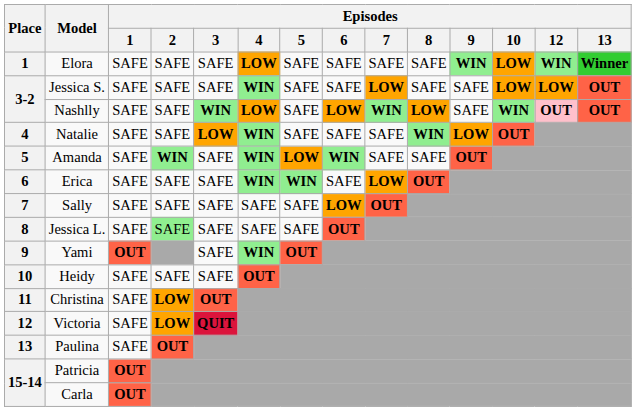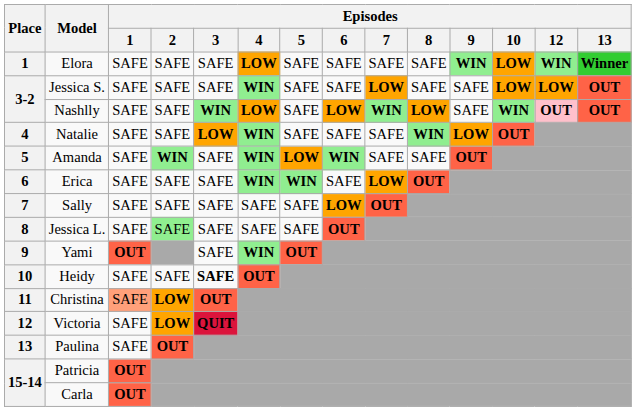 <table class="wikitable" style="text-align:center; font-size:92%">
 <tr>
 <th rowspan="2">Place</th>
 <th rowspan="2">Model</th>
 <th colspan="12">Episodes</th>
 </tr>
 <tr>
 <th>1</th>
 <th>2</th>
 <th>3</th>
 <th>4</th>
 <th>5</th>
 <th>6</th>
 <th>7</th>
 <th>8</th>
 <th>9</th>
 <th>10</th>
 <th>12</th>
 <th>13</th>
 </tr>
 <tr>
 <th>1</th>
 <td>Elora</td>
 <td>SAFE</td>
 <td>SAFE</td>
 <td>SAFE</td>
 <td style="background:orange;"><strong>LOW</strong></td>
 <td>SAFE</td>
 <td>SAFE</td>
 <td>SAFE</td>
 <td>SAFE</td>
 <td style="background:lightgreen;"><strong>WIN</strong></td>
 <td style="background:orange;"><strong>LOW</strong></td>
 <td style="background:lightgreen;"><strong>WIN</strong></td>
 <td style="background:limegreen;"><strong>Winner</strong></td>
 </tr>
 <tr>
 <th rowspan="2">3-2</th>
 <td>Jessica S.</td>
 <td>SAFE</td>
 <td>SAFE</td>
 <td>SAFE</td>
 <td style="background:lightgreen;"><strong>WIN</strong></td>
 <td>SAFE</td>
 <td>SAFE</td>
 <td style="background:orange;"><strong>LOW</strong></td>
 <td>SAFE</td>
 <td>SAFE</td>
 <td style="background:orange;"><strong>LOW</strong></td>
 <td style="background:orange;"><strong>LOW</strong></td>
 <td style="background:tomato;"><strong>OUT</strong></td>
 </tr>
 <tr>
 <td>Nashlly</td>
 <td>SAFE</td>
 <td>SAFE</td>
 <td style="background:lightgreen;"><strong>WIN</strong></td>
 <td style="background:orange;"><strong>LOW</strong></td>
 <td>SAFE</td>
 <td style="background:orange;"><strong>LOW</strong></td>
 <td style="background:lightgreen;"><strong>WIN</strong></td>
 <td style="background:orange;"><strong>LOW</strong></td>
 <td>SAFE</td>
 <td style="background:lightgreen;"><strong>WIN</strong></td>
 <td style="background:pink"><strong>OUT</strong></td>
 <td style="background:tomato;"><strong>OUT</strong></td>
 </tr>
 <tr>
 <th>4</th>
 <td>Natalie</td>
 <td>SAFE</td>
 <td>SAFE</td>
 <td style="background:orange;"><strong>LOW</strong></td>
 <td style="background:lightgreen;"><strong>WIN</strong></td>
 <td>SAFE</td>
 <td>SAFE</td>
 <td>SAFE</td>
 <td style="background:lightgreen;"><strong>WIN</strong></td>
 <td style="background:orange;"><strong>LOW</strong></td>
 <td style="background:tomato;"><strong>OUT</strong></td>
 <td style="background:darkgrey;" colspan="12"></td>
 </tr>
 <tr>
 <th>5</th>
 <td>Amanda</td>
 <td>SAFE</td>
 <td style="background:lightgreen;"><strong>WIN</strong></td>
 <td>SAFE</td>
 <td style="background:lightgreen;"><strong>WIN</strong></td>
 <td style="background:orange;"><strong>LOW</strong></td>
 <td style="background:lightgreen;"><strong>WIN</strong></td>
 <td>SAFE</td>
 <td>SAFE</td>
 <td style="background:tomato;"><strong>OUT</strong></td>
 <td style="background:darkgrey;" colspan="12"></td>
 </tr>
 <tr>
 <th>6</th>
 <td>Erica</td>
 <td>SAFE</td>
 <td>SAFE</td>
 <td>SAFE</td>
 <td style="background:lightgreen;"><strong>WIN</strong></td>
 <td style="background:lightgreen;"><strong>WIN</strong></td>
 <td>SAFE</td>
 <td style="background:orange;"><strong>LOW</strong></td>
 <td style="background:tomato;"><strong>OUT</strong></td>
 <td style="background:darkgrey;" colspan="12"></td>
 </tr>
 <tr>
 <th>7</th>
 <td>Sally</td>
 <td>SAFE</td>
 <td>SAFE</td>
 <td>SAFE</td>
 <td>SAFE</td>
 <td>SAFE</td>
 <td style="background:orange;"><strong>LOW</strong></td>
 <td style="background:tomato;"><strong>OUT</strong></td>
 <td style="background:darkgrey;" colspan="12"></td>
 </tr>
 <tr>
 <th>8</th>
 <td>Jessica L.</td>
 <td>SAFE</td>
 <td style="background: lightgreen;">SAFE</td>
 <td>SAFE</td>
 <td>SAFE</td>
 <td>SAFE</td>
 <td style="background:tomato;"><strong>OUT</strong></td>
 <td style="background:darkgrey;" colspan="12"></td>
 </tr>
 <tr>
 <th>9</th>
 <td>Yami</td>
 <td style="background:tomato;"><strong>OUT</strong></td>
 <td style="background:darkgrey;"></td>
 <td>SAFE</td>
 <td style="background:lightgreen;"><strong>WIN</strong></td>
 <td style="background:tomato;"><strong>OUT</strong></td>
 <td style="background:darkgrey;" colspan="12"></td>
 </tr>
 <tr>
 <th>10</th>
 <td>Heidy</td>
 <td>SAFE</td>
 <td>SAFE</td>
-<td>SAFE</td>
+<td><strong>SAFE</strong></td>
 <td style="background:tomato;"><strong>OUT</strong></td>
 <td style="background:darkgrey;" colspan="12"></td>
 </tr>
 <tr>
 <th>11</th>
 <td>Christina</td>
-<td>SAFE</td>
+<td style="background: lightsalmon;">SAFE</td>
 <td style="background:orange;"><strong>LOW</strong></td>
 <td style="background:tomato;"><strong>OUT</strong></td>
 <td style="background:darkgrey;" colspan="12"></td>
 </tr>
 <tr>
 <th>12</th>
 <td>Victoria</td>
 <td>SAFE</td>
 <td style="background:orange;"><strong>LOW</strong></td>
 <td style="background:crimson;"><strong><span>QUIT</span></strong></td>
 <td style="background:darkgrey;" colspan="12"></td>
 </tr>
 <tr>
 <th>13</th>
 <td>Paulina</td>
 <td>SAFE</td>
 <td style="background:tomato;"><strong>OUT</strong></td>
 <td style="background:darkgrey;" colspan="12"></td>
 </tr>
 <tr>
 <th rowspan="2">15-14</th>
 <td>Patricia</td>
 <td style="background:tomato;"><strong>OUT</strong></td>
 <td style="background:darkgrey;" colspan="12"></td>
 </tr>
 <tr>
 <td>Carla</td>
 <td style="background:tomato;"><strong>OUT</strong></td>
 <td style="background:darkgrey;" colspan="12"></td>
 </tr>
 </table>
